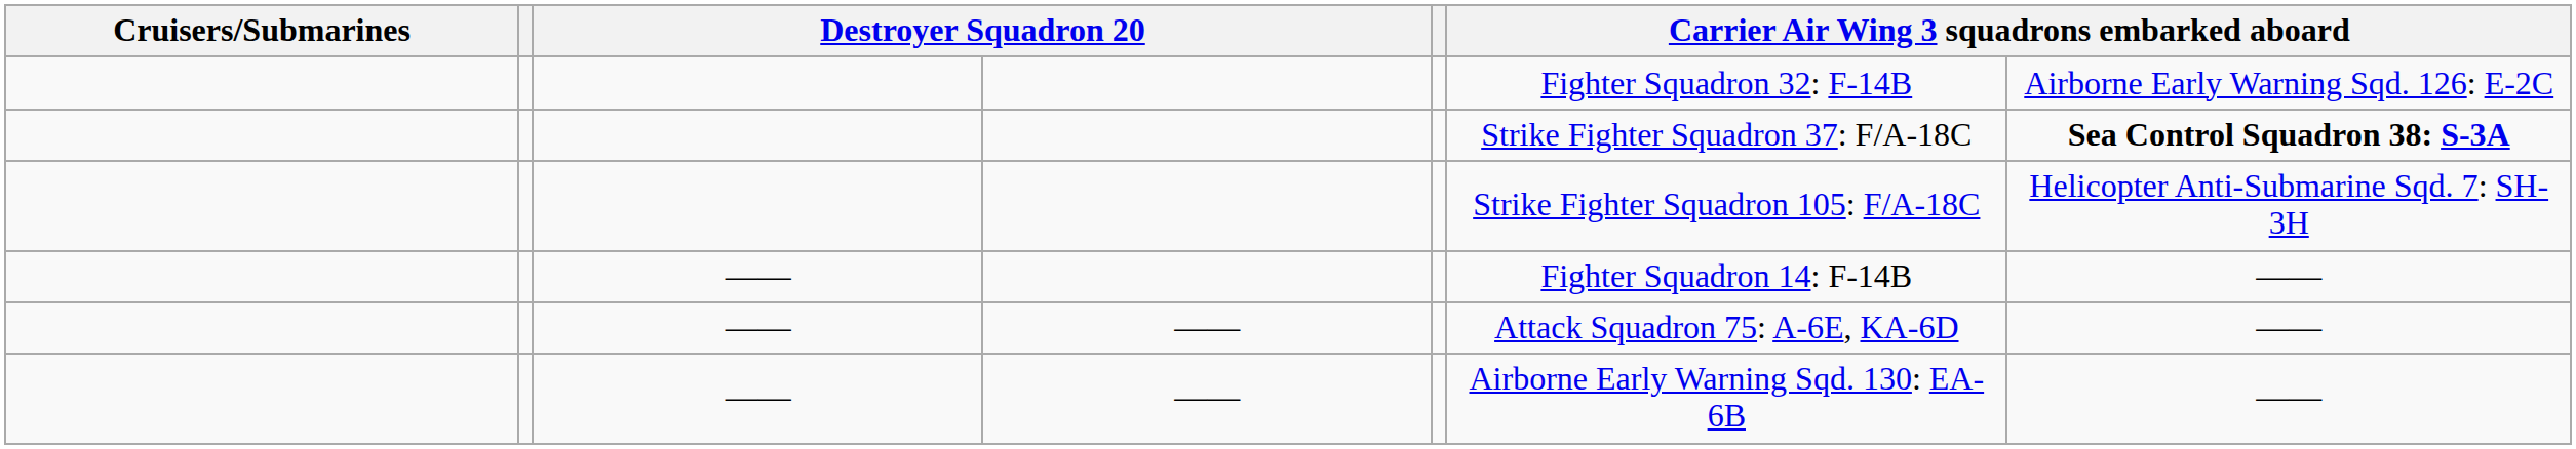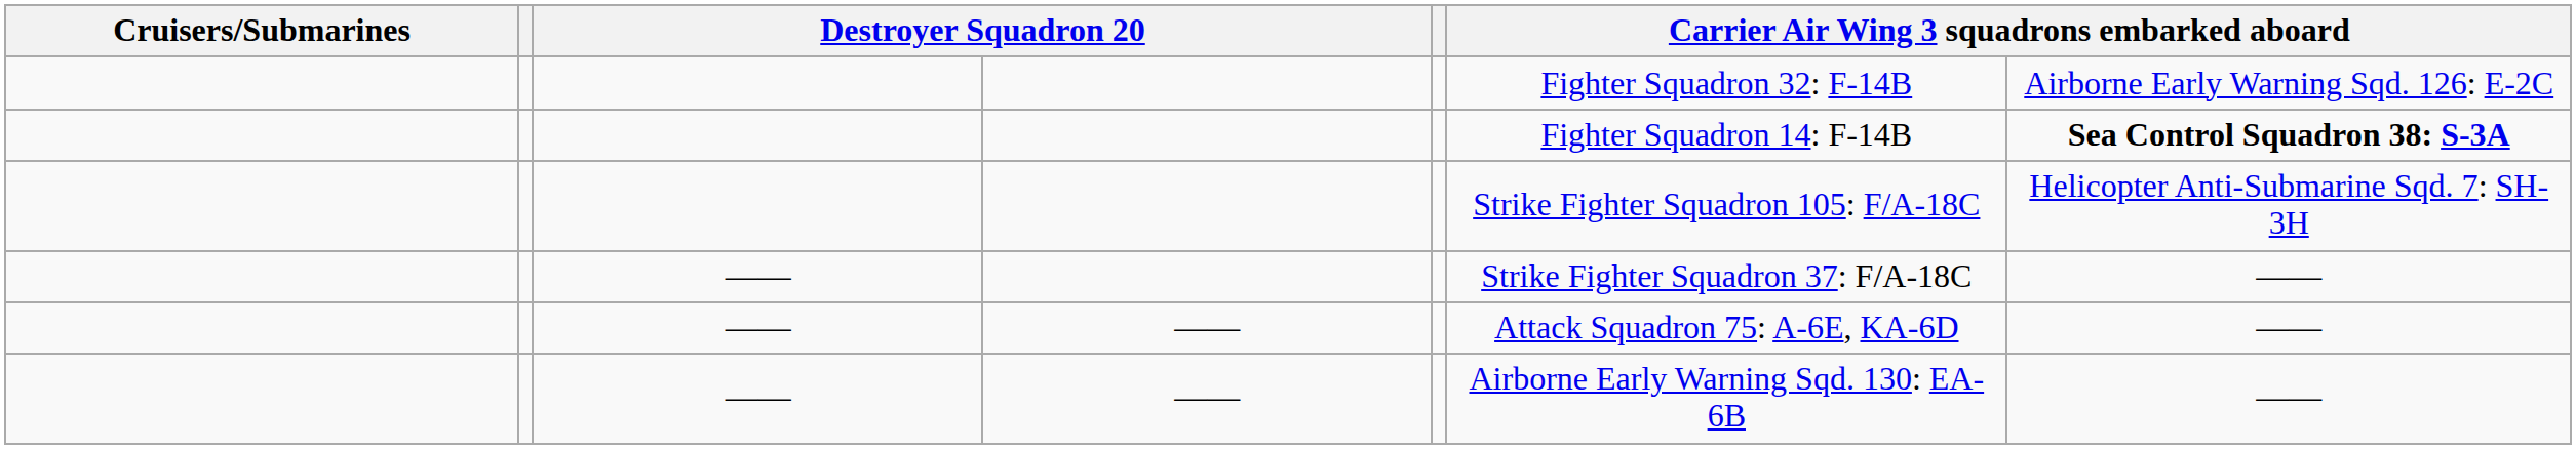 <table class="wikitable" style="text-align:center" width=99%>
 <tr>
 <th colspan="1" width="20%" align="center">Cruisers/Submarines</th>
 <th colspan="1" width="0%" align="center"></th>
 <th colspan="2" width="35%" align="center"><a href='#'>Destroyer Squadron 20</a></th>
 <th colspan="1" width="0%" align="center"></th>
 <th colspan="2" align="center"><a href='#'>Carrier Air Wing 3</a> squadrons embarked aboard </th>
 </tr>
 <tr>
 <td></td>
 <td></td>
 <td></td>
 <td></td>
 <td></td>
 <td><a href='#'>Fighter Squadron 32</a>:  <a href='#'>F-14B</a></td>
 <td><a href='#'>Airborne Early Warning Sqd. 126</a>:  <a href='#'>E-2C</a></td>
 </tr>
 <tr>
 <td></td>
 <td></td>
 <td></td>
 <td></td>
 <td></td>
-<td><a href='#'>Strike Fighter Squadron 37</a>:  F/A-18C</td>
+<td><a href='#'>Fighter Squadron 14</a>:  F-14B</td>
 <td><strong>Sea Control Squadron 38: <a href='#'>S-3A</a></strong></td>
 </tr>
 <tr>
 <td></td>
 <td></td>
 <td></td>
 <td></td>
 <td></td>
 <td><a href='#'>Strike Fighter Squadron 105</a>:  <a href='#'>F/A-18C</a></td>
 <td><a href='#'>Helicopter Anti-Submarine Sqd. 7</a>:  <a href='#'>SH-3H</a></td>
 </tr>
 <tr>
 <td></td>
 <td></td>
 <td>——</td>
 <td></td>
 <td></td>
-<td><a href='#'>Fighter Squadron 14</a>:  F-14B</td>
+<td><a href='#'>Strike Fighter Squadron 37</a>:  F/A-18C</td>
 <td>——</td>
 </tr>
 <tr>
 <td></td>
 <td></td>
 <td>——</td>
 <td>——</td>
 <td></td>
 <td><a href='#'>Attack Squadron 75</a>:  <a href='#'>A-6E</a>, <a href='#'>KA-6D</a></td>
 <td>——</td>
 </tr>
 <tr>
 <td></td>
 <td></td>
 <td>——</td>
 <td>——</td>
 <td></td>
 <td><a href='#'>Airborne Early Warning Sqd. 130</a>:  <a href='#'>EA-6B</a></td>
 <td>——</td>
 </tr>
 <tr>
 </tr>
 </table>
